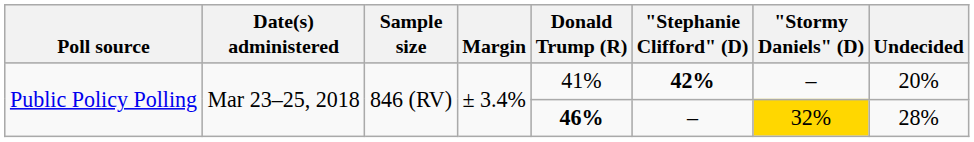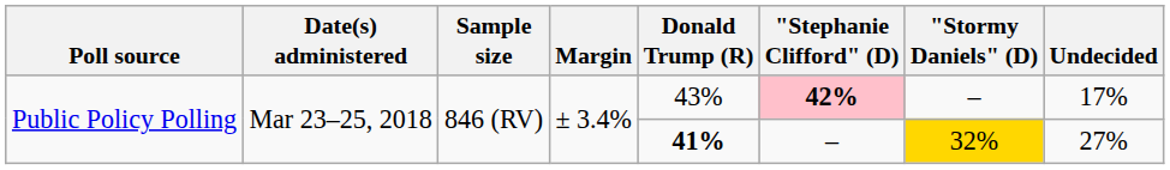 <table class="wikitable sortable" style="font-size:90%;text-align:center;">
 <tr valign=bottom style="font-size:90%;">
 <th>Poll source</th>
 <th>Date(s)<br>administered</th>
 <th>Sample<br>size</th>
 <th>Margin<br></th>
 <th>Donald<br>Trump (R)</th>
 <th>"Stephanie<br>Clifford" (D)</th>
 <th>"Stormy<br>Daniels" (D)</th>
 <th>Undecided</th>
 </tr>
 <tr>
 <td rowspan=2 style="text-align:left;"><a href='#'>Public Policy Polling</a></td>
 <td rowspan=2>Mar 23–25, 2018</td>
 <td rowspan=2>846 (RV)</td>
 <td rowspan=2>± 3.4%</td>
-<td>41%</td>
-<td><strong>42%</strong></td>
+<td>43%</td>
+<td style="background: pink;"><strong>42%</strong></td>
 <td>–</td>
-<td>20%</td>
+<td>17%</td>
 </tr>
 <tr>
-<td><strong>46%</strong></td>
+<td><strong>41%</strong></td>
 <td>–</td>
 <td style="background: gold;">32%</td>
-<td>28%</td>
+<td>27%</td>
 </tr>
 </table>
